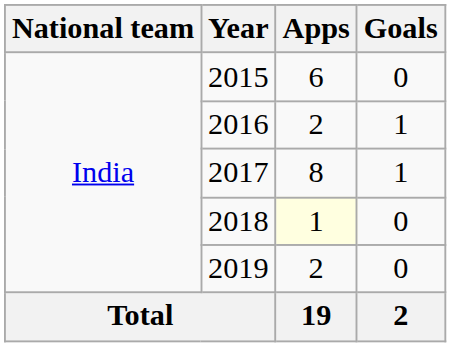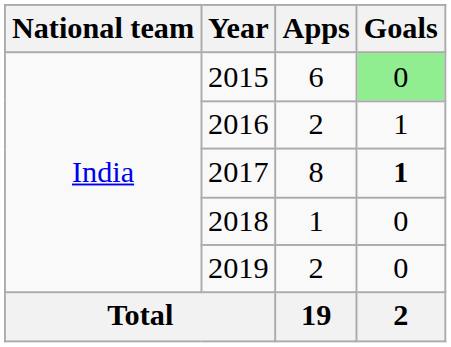 <table class="wikitable" style="text-align: center;">
 <tr>
 <th>National team</th>
 <th>Year</th>
 <th>Apps</th>
 <th>Goals</th>
 </tr>
 <tr>
 <td rowspan="5"><a href='#'>India</a></td>
 <td>2015</td>
 <td>6</td>
-<td>0</td>
+<td style="background: lightgreen;">0</td>
 </tr>
 <tr>
 <td>2016</td>
 <td>2</td>
 <td>1</td>
 </tr>
 <tr>
 <td>2017</td>
 <td>8</td>
-<td>1</td>
+<td><strong>1</strong></td>
 </tr>
 <tr>
 <td>2018</td>
-<td style="background: lightyellow;">1</td>
+<td>1</td>
 <td>0</td>
 </tr>
 <tr>
 <td>2019</td>
 <td>2</td>
 <td>0</td>
 </tr>
 <tr>
 <th colspan="2">Total</th>
 <th>19</th>
 <th>2</th>
 </tr>
 </table>
